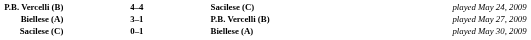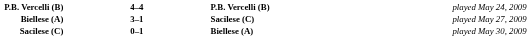 <table width="100%" cellspacing="1">
 <tr>
 <th width="20%"></th>
 <th width="12%"></th>
 <th width="20%"></th>
 <th width="20%'"></th>
 <th></th>
 </tr>
 <tr style="font-size:90%;">
 <td align="right"><strong>P.B. Vercelli (B)</strong></td>
 <td align="center"><strong>4–4</strong></td>
-<td align="left"><strong>Sacilese (C)</strong></td>
+<td align="left"><strong>P.B. Vercelli (B)</strong></td>
 <td align="left"><em>played May 24, 2009</em></td>
 </tr>
 <tr style="font-size:90%;">
 <td align="right"><strong>Biellese (A)</strong></td>
 <td align="center"><strong>3–1</strong></td>
-<td align="left"><strong>P.B. Vercelli (B)</strong></td>
+<td align="left"><strong>Sacilese (C)</strong></td>
 <td align="left"><em>played May 27, 2009</em></td>
 </tr>
 <tr style="font-size:90%;">
 <td align="right"><strong>Sacilese (C)</strong></td>
 <td align="center"><strong>0–1</strong></td>
 <td align="left"><strong>Biellese (A)</strong></td>
 <td align="left"><em>played May 30, 2009</em></td>
 </tr>
 </table>
